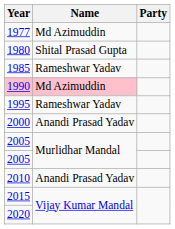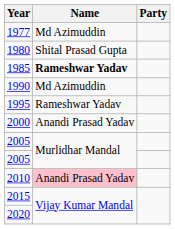 <table class=wikitable sortable">
 <tr>
 <th>Year</th>
 <th>Name</th>
 <th colspan="2">Party</th>
 </tr>
 <tr>
 <td><a href='#'>1977</a></td>
 <td>Md Azimuddin</td>
 <td></td>
 </tr>
 <tr>
 <td><a href='#'>1980</a></td>
 <td>Shital Prasad Gupta</td>
 <td></td>
 </tr>
 <tr>
 <td><a href='#'>1985</a></td>
-<td>Rameshwar Yadav</td>
+<td><strong>Rameshwar Yadav</strong></td>
 <td></td>
 </tr>
 <tr>
-<td style="background: pink;"><a href='#'>1990</a></td>
-<td style="background: pink;">Md Azimuddin</td>
+<td><a href='#'>1990</a></td>
+<td>Md Azimuddin</td>
 <td></td>
 </tr>
 <tr>
 <td><a href='#'>1995</a></td>
 <td>Rameshwar Yadav</td>
 <td></td>
 </tr>
 <tr>
 <td><a href='#'>2000</a></td>
 <td>Anandi Prasad Yadav</td>
 <td></td>
 </tr>
 <tr>
 <td><a href='#'>2005</a></td>
 <td rowspan="2">Murlidhar Mandal</td>
 <td></td>
 </tr>
 <tr>
 <td><a href='#'>2005</a></td>
 <td></td>
 </tr>
 <tr>
 <td><a href='#'>2010</a></td>
-<td>Anandi Prasad Yadav</td>
+<td style="background: pink;">Anandi Prasad Yadav</td>
 <td></td>
 </tr>
 <tr>
 <td><a href='#'>2015</a></td>
 <td rowspan="2"><a href='#'>Vijay Kumar Mandal</a></td>
 </tr>
 <tr>
 <td><a href='#'>2020</a></td>
 </tr>
 </table>
